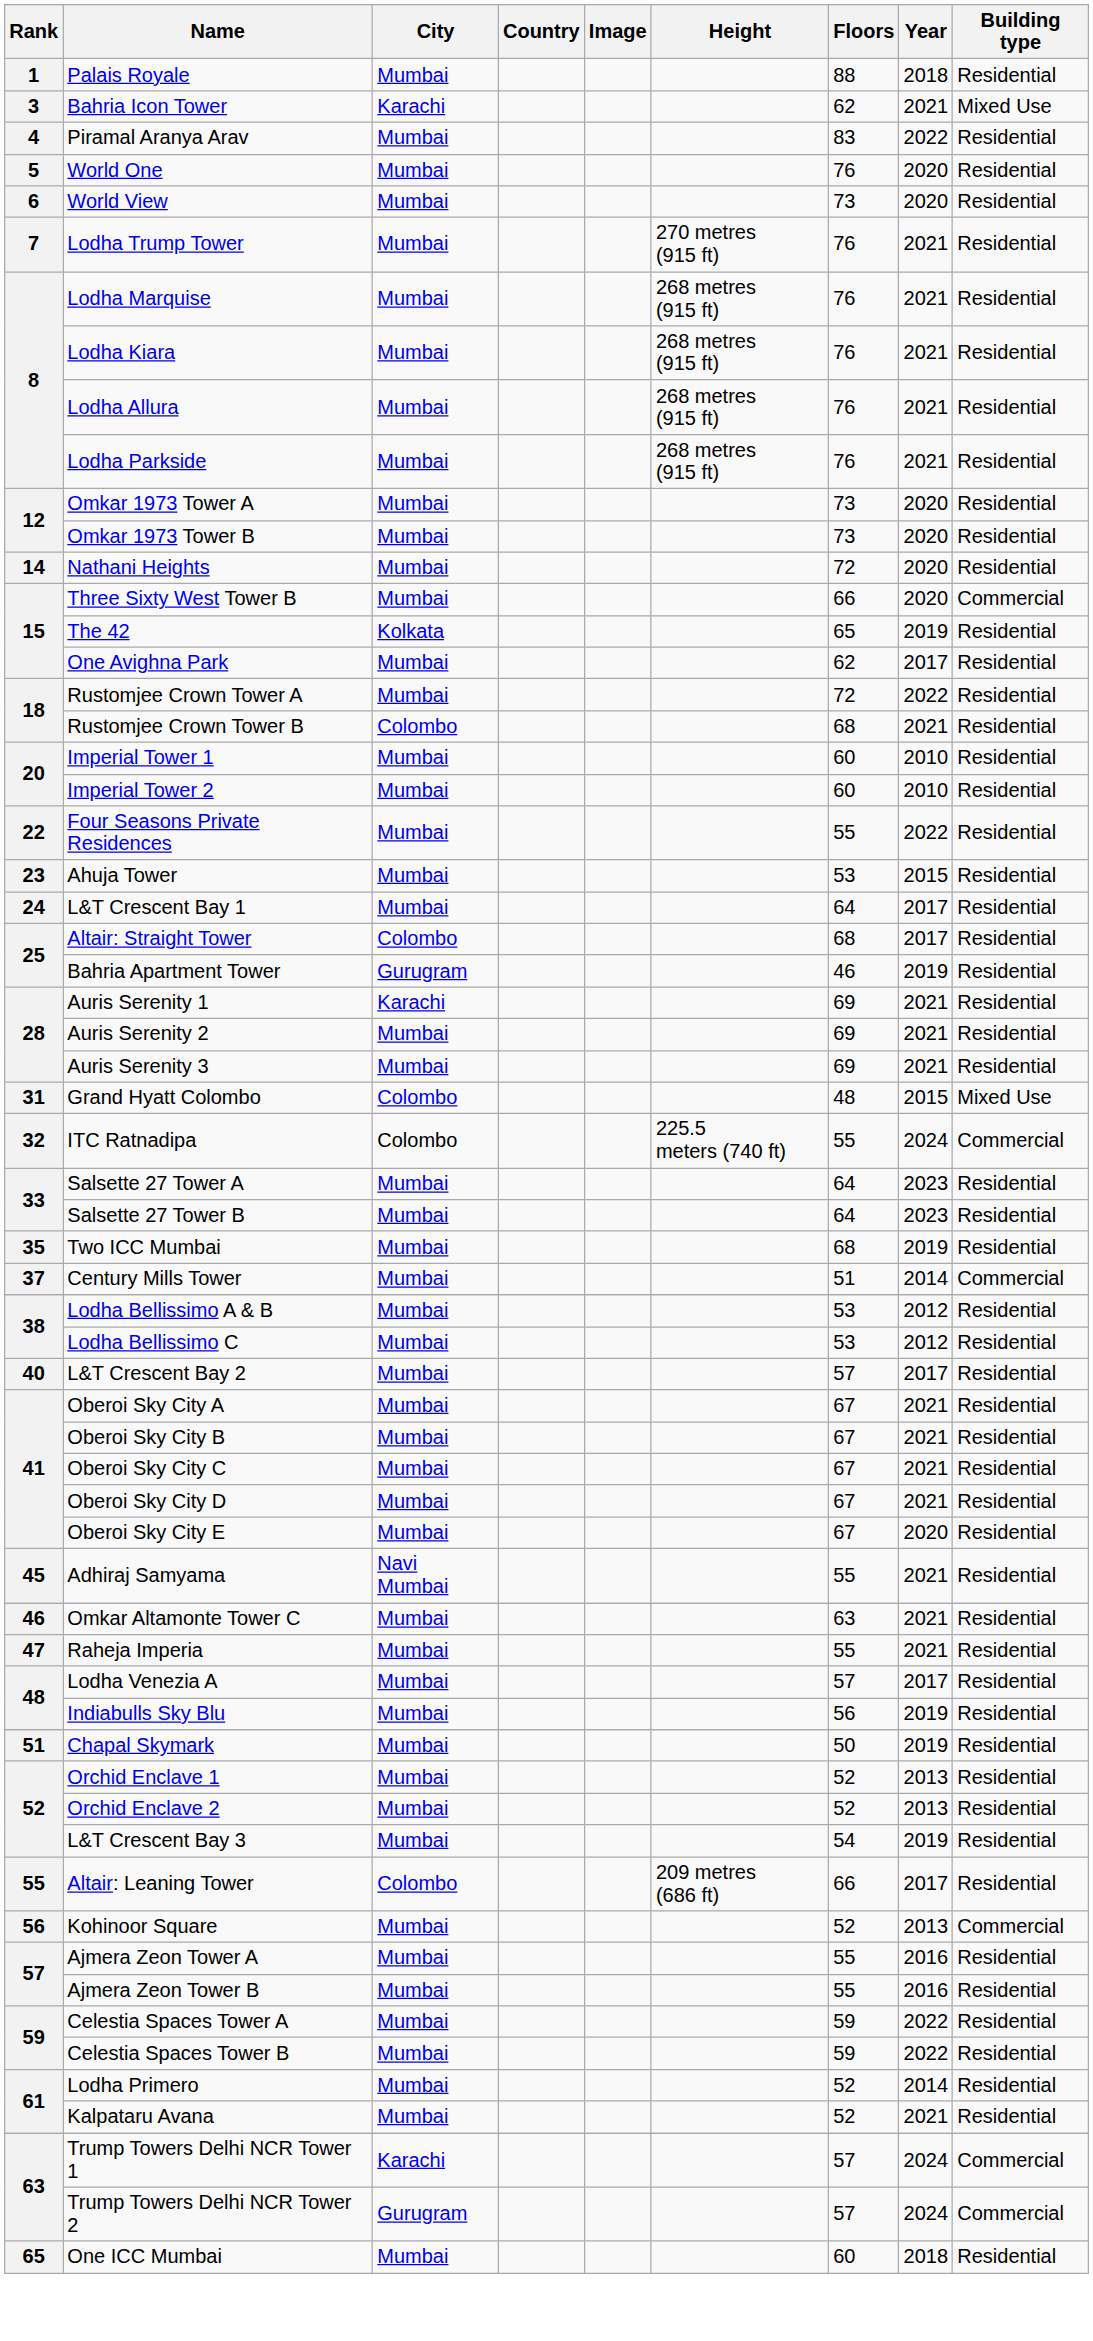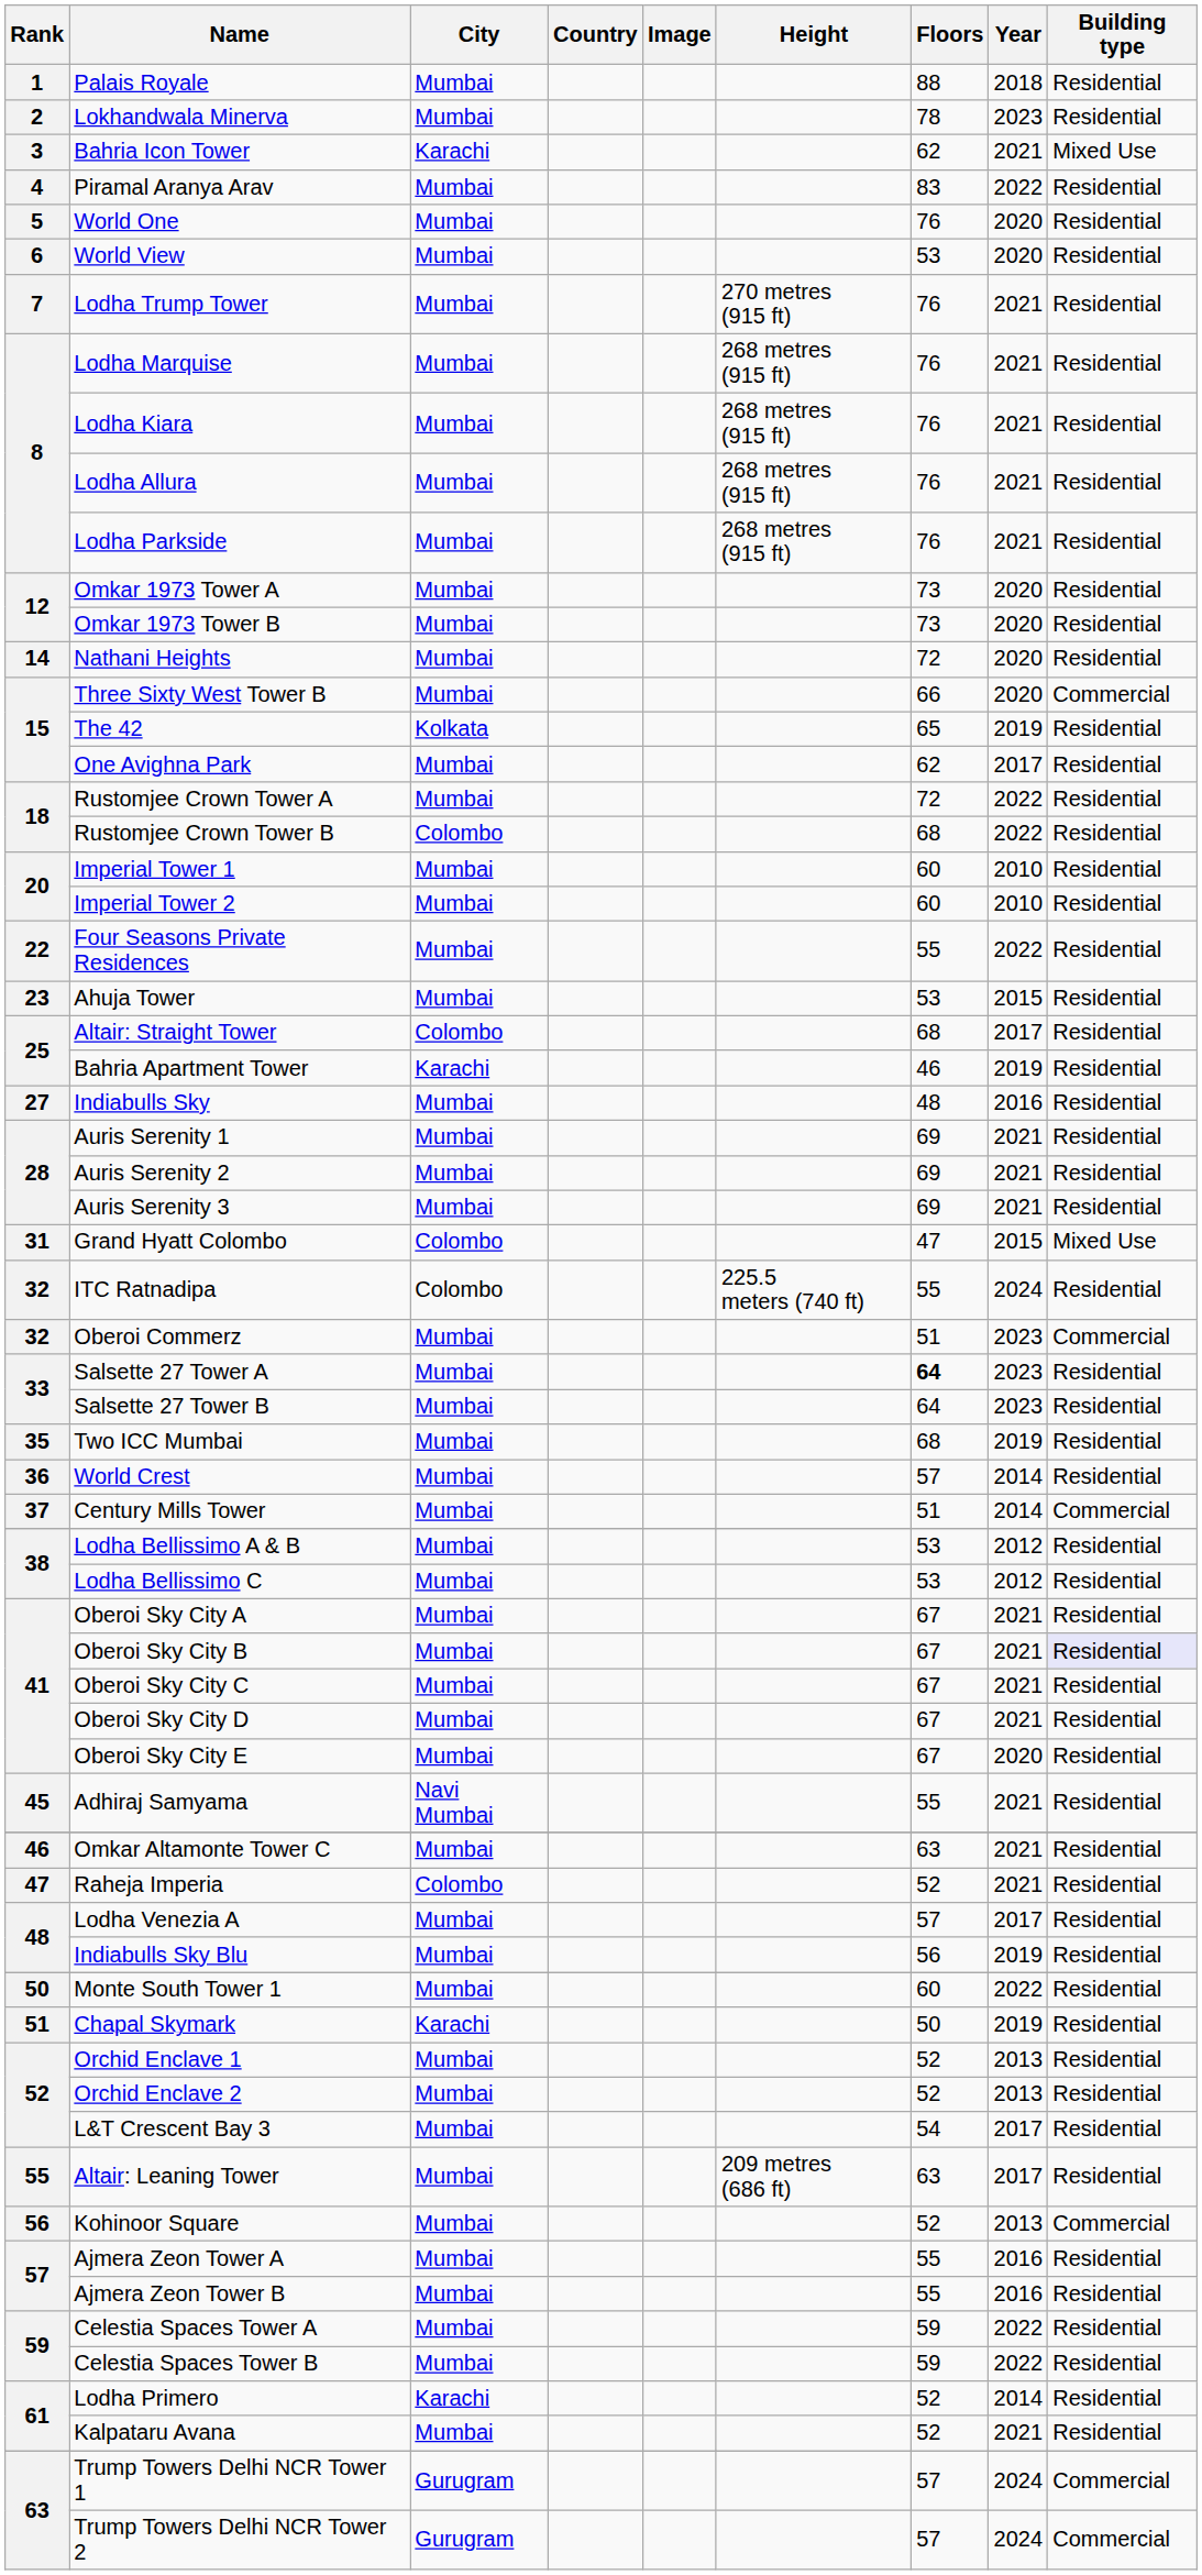 <table class="wikitable sortable">
 <tr style="background:#ececec;">
 <th>Rank</th>
 <th>Name</th>
 <th>City</th>
 <th>Country</th>
 <th>Image</th>
 <th>Height</th>
 <th>Floors</th>
 <th>Year</th>
 <th>Building type</th>
 </tr>
 <tr>
 <th>1</th>
 <td><a href='#'>Palais Royale</a></td>
 <td><a href='#'>Mumbai</a></td>
 <td></td>
 <td></td>
 <td></td>
 <td>88</td>
 <td>2018</td>
+<td><span>Residential</span></td>
+</tr>
+<tr>
+<th>2</th>
+<td><a href='#'>Lokhandwala Minerva</a></td>
+<td><a href='#'>Mumbai</a></td>
+<td></td>
+<td></td>
+<td></td>
+<td>78</td>
+<td>2023</td>
 <td><span>Residential</span></td>
 </tr>
 <tr>
 <th>3</th>
 <td><a href='#'>Bahria Icon Tower</a></td>
 <td><a href='#'>Karachi</a></td>
 <td></td>
 <td></td>
 <td></td>
 <td>62</td>
 <td>2021</td>
 <td><span>Mixed Use</span></td>
 </tr>
 <tr>
 <th>4</th>
 <td>Piramal Aranya Arav</td>
 <td><a href='#'>Mumbai</a></td>
 <td></td>
 <td></td>
 <td></td>
 <td>83</td>
 <td>2022<br></td>
 <td><span>Residential</span></td>
 </tr>
 <tr>
 <th>5</th>
 <td><a href='#'>World One</a></td>
 <td><a href='#'>Mumbai</a></td>
 <td></td>
 <td></td>
 <td><br></td>
 <td>76</td>
 <td>2020<br></td>
 <td><span>Residential</span></td>
 </tr>
 <tr>
 <th>6</th>
 <td><a href='#'>World View</a></td>
 <td><a href='#'>Mumbai</a></td>
 <td></td>
 <td></td>
 <td><br></td>
-<td>73</td>
+<td>53</td>
 <td>2020<br></td>
 <td><span>Residential</span></td>
 </tr>
 <tr>
 <th>7</th>
 <td><a href='#'>Lodha Trump Tower</a></td>
 <td><a href='#'>Mumbai</a></td>
 <td></td>
 <td></td>
 <td>270 metres (915 ft)</td>
 <td>76<br></td>
 <td>2021<br></td>
 <td><span>Residential</span></td>
 </tr>
 <tr>
 <th rowspan="4">8</th>
 <td><a href='#'>Lodha Marquise</a></td>
 <td><a href='#'>Mumbai</a></td>
 <td></td>
 <td></td>
 <td>268 metres (915 ft)</td>
 <td>76<br></td>
 <td>2021<br></td>
 <td><span>Residential</span></td>
 </tr>
 <tr>
 <td><a href='#'>Lodha Kiara</a></td>
 <td><a href='#'>Mumbai</a></td>
 <td></td>
 <td></td>
 <td>268 metres (915 ft)</td>
 <td>76<br></td>
 <td>2021<br></td>
 <td><span>Residential</span></td>
 </tr>
 <tr>
 <td><a href='#'>Lodha Allura</a></td>
 <td><a href='#'>Mumbai</a></td>
 <td></td>
 <td></td>
 <td>268 metres (915 ft)</td>
 <td>76<br></td>
 <td>2021<br></td>
 <td><span>Residential</span></td>
 </tr>
 <tr>
 <td><a href='#'>Lodha Parkside</a></td>
 <td><a href='#'>Mumbai</a></td>
 <td></td>
 <td></td>
 <td>268 metres (915 ft)</td>
 <td>76<br></td>
 <td>2021<br></td>
 <td><span>Residential</span></td>
 </tr>
 <tr>
 <th rowspan="2">12</th>
 <td><a href='#'>Omkar 1973</a> Tower A</td>
 <td><a href='#'>Mumbai</a></td>
 <td></td>
 <td></td>
 <td></td>
 <td>73</td>
 <td>2020</td>
 <td><span>Residential</span></td>
 </tr>
 <tr>
 <td><a href='#'>Omkar 1973</a> Tower B</td>
 <td><a href='#'>Mumbai</a></td>
 <td></td>
 <td></td>
 <td></td>
 <td>73</td>
 <td>2020</td>
 <td><span>Residential</span></td>
 </tr>
 <tr>
 <th>14</th>
 <td><a href='#'>Nathani Heights</a></td>
 <td><a href='#'>Mumbai</a></td>
 <td></td>
 <td></td>
 <td><br></td>
 <td>72<br></td>
 <td>2020</td>
 <td><span>Residential</span></td>
 </tr>
 <tr>
 <th rowspan="3">15</th>
 <td><a href='#'>Three Sixty West</a> Tower B</td>
 <td><a href='#'>Mumbai</a></td>
 <td></td>
 <td></td>
 <td></td>
 <td>66</td>
 <td>2020</td>
 <td><span>Commercial</span></td>
 </tr>
 <tr>
 <td><a href='#'>The 42</a></td>
 <td><a href='#'>Kolkata</a></td>
 <td></td>
 <td></td>
 <td><br></td>
 <td>65</td>
 <td>2019</td>
 <td><span>Residential</span></td>
 </tr>
 <tr>
 <td><a href='#'>One Avighna Park</a></td>
 <td><a href='#'>Mumbai</a></td>
 <td></td>
 <td></td>
 <td></td>
 <td>62</td>
 <td>2017</td>
 <td><span>Residential</span></td>
 </tr>
 <tr>
 <th rowspan="2">18</th>
 <td>Rustomjee Crown Tower A</td>
 <td><a href='#'>Mumbai</a></td>
 <td></td>
 <td></td>
 <td></td>
 <td>72</td>
 <td>2022</td>
 <td><span>Residential</span></td>
 </tr>
 <tr>
 <td>Rustomjee Crown Tower B</td>
 <td><a href='#'>Colombo</a></td>
 <td></td>
 <td></td>
 <td></td>
 <td>68</td>
-<td>2021</td>
+<td>2022</td>
 <td><span>Residential</span></td>
 </tr>
 <tr>
 <th rowspan="2">20</th>
 <td><a href='#'>Imperial Tower 1</a></td>
 <td><a href='#'>Mumbai</a></td>
 <td></td>
 <td></td>
 <td></td>
 <td>60</td>
 <td>2010</td>
 <td><span>Residential</span></td>
 </tr>
 <tr>
 <td><a href='#'>Imperial Tower 2</a></td>
 <td><a href='#'>Mumbai</a></td>
 <td></td>
 <td></td>
 <td></td>
 <td>60</td>
 <td>2010</td>
 <td><span>Residential</span></td>
 </tr>
 <tr>
 <th>22</th>
 <td><a href='#'>Four Seasons Private Residences</a></td>
 <td><a href='#'>Mumbai</a></td>
 <td></td>
 <td></td>
 <td></td>
 <td>55</td>
 <td>2022</td>
 <td><span>Residential</span></td>
 </tr>
 <tr>
 <th>23</th>
 <td>Ahuja Tower</td>
 <td><a href='#'>Mumbai</a></td>
 <td></td>
 <td></td>
 <td></td>
 <td>53</td>
 <td>2015</td>
 <td><span>Residential</span></td>
 </tr>
 <tr>
-<th>24</th>
-<td>L&T Crescent Bay 1</td>
-<td><a href='#'>Mumbai</a></td>
-<td></td>
-<td></td>
-<td></td>
-<td>64<br></td>
-<td>2017</td>
-<td><span>Residential</span></td>
-</tr>
-<tr>
 <th rowspan="2">25</th>
 <td><a href='#'>Altair: Straight Tower</a></td>
 <td><a href='#'>Colombo</a></td>
 <td></td>
 <td></td>
 <td></td>
 <td>68</td>
 <td>2017</td>
 <td><span>Residential</span></td>
 </tr>
 <tr>
 <td>Bahria Apartment Tower</td>
-<td><a href='#'>Gurugram</a></td>
+<td><a href='#'>Karachi</a></td>
 <td></td>
 <td></td>
 <td></td>
 <td>46</td>
 <td>2019</td>
 <td><span>Residential</span></td>
 </tr>
 <tr>
+<th>27</th>
+<td><a href='#'>Indiabulls Sky</a></td>
+<td><a href='#'>Mumbai</a></td>
+<td></td>
+<td></td>
+<td></td>
+<td>48</td>
+<td>2016</td>
+<td><span>Residential</span></td>
+</tr>
+<tr>
 <th rowspan="3">28</th>
 <td>Auris Serenity 1</td>
-<td><a href='#'>Karachi</a></td>
+<td><a href='#'>Mumbai</a></td>
 <td></td>
 <td></td>
 <td></td>
 <td>69</td>
 <td>2021</td>
 <td><span>Residential</span></td>
 </tr>
 <tr>
 <td>Auris Serenity 2</td>
 <td><a href='#'>Mumbai</a></td>
 <td></td>
 <td></td>
 <td></td>
 <td>69</td>
 <td>2021</td>
 <td><span>Residential</span></td>
 </tr>
 <tr>
 <td>Auris Serenity 3</td>
 <td><a href='#'>Mumbai</a></td>
 <td></td>
 <td></td>
 <td></td>
 <td>69</td>
 <td>2021</td>
 <td><span>Residential</span></td>
 </tr>
 <tr>
 <th>31</th>
 <td>Grand Hyatt Colombo</td>
 <td><a href='#'>Colombo</a></td>
 <td></td>
 <td></td>
 <td></td>
-<td>48</td>
+<td>47</td>
 <td>2015</td>
 <td><span>Mixed Use</span></td>
 </tr>
 <tr>
 <th>32</th>
 <td>ITC Ratnadipa</td>
 <td>Colombo</td>
 <td></td>
 <td></td>
 <td>225.5<br>meters (740 ft)</td>
 <td>55</td>
 <td>2024</td>
+<td>Residential</td>
+</tr>
+<tr>
+<th>32</th>
+<td>Oberoi Commerz</td>
+<td><a href='#'>Mumbai</a></td>
+<td></td>
+<td></td>
+<td></td>
+<td>51</td>
+<td>2023</td>
 <td><span>Commercial</span></td>
 </tr>
 <tr>
 <th rowspan="2">33</th>
 <td>Salsette 27 Tower A</td>
 <td><a href='#'>Mumbai</a></td>
 <td></td>
 <td></td>
 <td></td>
-<td>64</td>
+<td><strong>64</strong></td>
 <td>2023</td>
 <td><span>Residential</span></td>
 </tr>
 <tr>
 <td>Salsette 27 Tower B</td>
 <td><a href='#'>Mumbai</a></td>
 <td></td>
 <td></td>
 <td></td>
 <td>64</td>
 <td>2023</td>
 <td><span>Residential</span></td>
 </tr>
 <tr>
 <th>35</th>
 <td>Two ICC Mumbai</td>
 <td><a href='#'>Mumbai</a></td>
 <td></td>
 <td></td>
 <td></td>
 <td>68</td>
 <td>2019</td>
+<td><span>Residential</span></td>
+</tr>
+<tr>
+<th>36</th>
+<td><a href='#'>World Crest</a></td>
+<td><a href='#'>Mumbai</a></td>
+<td></td>
+<td></td>
+<td></td>
+<td>57</td>
+<td>2014</td>
 <td><span>Residential</span></td>
 </tr>
 <tr>
 <th>37</th>
 <td>Century Mills Tower</td>
 <td><a href='#'>Mumbai</a></td>
 <td></td>
 <td></td>
 <td></td>
 <td>51</td>
 <td>2014</td>
 <td><span>Commercial</span></td>
 </tr>
 <tr>
 </tr>
 <tr>
 <th rowspan="2">38</th>
 <td><a href='#'>Lodha Bellissimo</a> A & B</td>
 <td><a href='#'>Mumbai</a></td>
 <td></td>
 <td></td>
 <td></td>
 <td>53</td>
 <td>2012</td>
 <td><span>Residential</span></td>
 </tr>
 <tr>
 <td><a href='#'>Lodha Bellissimo</a> C</td>
 <td><a href='#'>Mumbai</a></td>
 <td></td>
 <td></td>
 <td></td>
 <td>53</td>
 <td>2012</td>
 <td><span>Residential</span></td>
 </tr>
 <tr>
-<th>40</th>
-<td>L&T Crescent Bay 2</td>
-<td><a href='#'>Mumbai</a></td>
-<td></td>
-<td></td>
-<td></td>
-<td>57</td>
-<td>2017</td>
-<td><span>Residential</span></td>
-</tr>
-<tr>
 <th rowspan="5">41</th>
 <td>Oberoi Sky City A</td>
 <td><a href='#'>Mumbai</a></td>
 <td></td>
 <td></td>
 <td></td>
 <td>67</td>
 <td>2021</td>
 <td><span>Residential</span></td>
 </tr>
 <tr>
 <td>Oberoi Sky City B</td>
 <td><a href='#'>Mumbai</a></td>
 <td></td>
 <td></td>
 <td></td>
 <td>67</td>
 <td>2021</td>
-<td><span>Residential</span></td>
+<td style="background: lavender;"><span>Residential</span></td>
 </tr>
 <tr>
 <td>Oberoi Sky City C</td>
 <td><a href='#'>Mumbai</a></td>
 <td></td>
 <td></td>
 <td></td>
 <td>67</td>
 <td>2021</td>
 <td><span>Residential</span></td>
 </tr>
 <tr>
 <td>Oberoi Sky City D</td>
 <td><a href='#'>Mumbai</a></td>
 <td></td>
 <td></td>
 <td></td>
 <td>67</td>
 <td>2021</td>
 <td><span>Residential</span></td>
 </tr>
 <tr>
 <td>Oberoi Sky City E</td>
 <td><a href='#'>Mumbai</a></td>
 <td></td>
 <td></td>
 <td></td>
 <td>67</td>
 <td>2020</td>
 <td><span>Residential</span></td>
 </tr>
 <tr>
 <th>45</th>
 <td>Adhiraj Samyama</td>
 <td><a href='#'>Navi Mumbai</a></td>
 <td></td>
 <td></td>
 <td></td>
 <td>55</td>
 <td>2021</td>
 <td><span>Residential</span></td>
 </tr>
 <tr>
 </tr>
 <tr>
 <th>46</th>
 <td>Omkar Altamonte Tower C</td>
 <td><a href='#'>Mumbai</a></td>
 <td></td>
 <td></td>
 <td></td>
 <td>63</td>
 <td>2021</td>
 <td><span>Residential</span></td>
 </tr>
 <tr>
 <th>47</th>
 <td>Raheja Imperia</td>
-<td><a href='#'>Mumbai</a></td>
+<td><a href='#'>Colombo</a></td>
 <td></td>
 <td></td>
 <td></td>
-<td>55</td>
+<td>52</td>
 <td>2021</td>
 <td><span>Residential</span></td>
 </tr>
 <tr>
 <th rowspan="2">48</th>
 <td>Lodha Venezia A</td>
 <td><a href='#'>Mumbai</a></td>
 <td></td>
 <td></td>
 <td></td>
 <td>57</td>
 <td>2017</td>
 <td><span>Residential</span></td>
 </tr>
 <tr>
 <td><a href='#'>Indiabulls Sky Blu</a></td>
 <td><a href='#'>Mumbai</a></td>
 <td></td>
 <td></td>
 <td></td>
 <td>56</td>
 <td>2019</td>
 <td><span>Residential</span></td>
 </tr>
 <tr>
 </tr>
 <tr>
+<th>50</th>
+<td>Monte South Tower 1</td>
+<td><a href='#'>Mumbai</a></td>
+<td></td>
+<td></td>
+<td></td>
+<td>60</td>
+<td>2022</td>
+<td><span>Residential</span></td>
+</tr>
+<tr>
 <th>51</th>
 <td><a href='#'>Chapal Skymark</a></td>
-<td><a href='#'>Mumbai</a></td>
+<td><a href='#'>Karachi</a></td>
 <td></td>
 <td></td>
 <td></td>
 <td>50</td>
 <td>2019</td>
 <td><span>Residential </span></td>
 </tr>
 <tr>
 <th rowspan="3">52</th>
 <td><a href='#'>Orchid Enclave 1</a></td>
 <td><a href='#'>Mumbai</a></td>
 <td></td>
 <td></td>
 <td></td>
 <td>52</td>
 <td>2013</td>
 <td><span>Residential</span></td>
 </tr>
 <tr>
 <td><a href='#'>Orchid Enclave 2</a></td>
 <td><a href='#'>Mumbai</a></td>
 <td></td>
 <td></td>
 <td></td>
 <td>52</td>
 <td>2013</td>
 <td><span>Residential</span></td>
 </tr>
 <tr>
 <td>L&T Crescent Bay 3</td>
 <td><a href='#'>Mumbai</a></td>
 <td></td>
 <td></td>
 <td></td>
 <td>54</td>
-<td>2019</td>
+<td>2017</td>
 <td><span>Residential</span></td>
 </tr>
 <tr>
 <th>55</th>
 <td><a href='#'>Altair</a>: Leaning Tower</td>
-<td><a href='#'>Colombo</a></td>
+<td><a href='#'>Mumbai</a></td>
 <td></td>
 <td></td>
 <td>209 metres (686 ft)</td>
-<td>66</td>
+<td>63</td>
 <td>2017</td>
 <td><span>Residential</span></td>
 </tr>
 <tr>
 <th>56</th>
 <td>Kohinoor Square</td>
 <td><a href='#'>Mumbai</a></td>
 <td></td>
 <td></td>
 <td></td>
 <td>52</td>
 <td>2013</td>
 <td><span>Commercial</span></td>
 </tr>
 <tr>
 <th rowspan="2">57</th>
 <td>Ajmera Zeon Tower A</td>
 <td><a href='#'>Mumbai</a></td>
 <td></td>
 <td></td>
 <td></td>
 <td>55</td>
 <td>2016</td>
 <td><span>Residential</span></td>
 </tr>
 <tr>
 <td>Ajmera Zeon Tower B</td>
 <td><a href='#'>Mumbai</a></td>
 <td></td>
 <td></td>
 <td></td>
 <td>55</td>
 <td>2016</td>
 <td><span>Residential</span></td>
 </tr>
 <tr>
 <th rowspan="2">59</th>
 <td>Celestia Spaces Tower A</td>
 <td><a href='#'>Mumbai</a></td>
 <td></td>
 <td></td>
 <td></td>
 <td>59</td>
 <td>2022</td>
 <td><span>Residential</span></td>
 </tr>
 <tr>
 <td>Celestia Spaces Tower B</td>
 <td><a href='#'>Mumbai</a></td>
 <td></td>
 <td></td>
 <td></td>
 <td>59</td>
 <td>2022</td>
 <td><span>Residential</span></td>
 </tr>
 <tr>
 <th rowspan="2">61</th>
 <td>Lodha Primero</td>
-<td><a href='#'>Mumbai</a></td>
+<td><a href='#'>Karachi</a></td>
 <td></td>
 <td></td>
 <td></td>
 <td>52</td>
 <td>2014</td>
 <td><span>Residential</span></td>
 </tr>
 <tr>
 <td>Kalpataru Avana</td>
 <td><a href='#'>Mumbai</a></td>
 <td></td>
 <td></td>
 <td></td>
 <td>52</td>
 <td>2021</td>
 <td><span>Residential</span></td>
 </tr>
 <tr>
 </tr>
 <tr>
 <th rowspan="2">63</th>
 <td>Trump Towers Delhi NCR Tower 1</td>
-<td><a href='#'>Karachi</a></td>
+<td><a href='#'>Gurugram</a></td>
 <td></td>
 <td></td>
 <td></td>
 <td>57</td>
 <td>2024</td>
 <td><span>Commercial</span></td>
 </tr>
 <tr>
 <td>Trump Towers Delhi NCR Tower 2</td>
 <td><a href='#'>Gurugram</a></td>
 <td></td>
 <td></td>
 <td></td>
 <td>57</td>
 <td>2024</td>
 <td><span>Commercial</span></td>
 </tr>
-<tr>
-<th>65</th>
-<td>One ICC Mumbai</td>
-<td><a href='#'>Mumbai</a></td>
-<td></td>
-<td></td>
-<td></td>
-<td>60</td>
-<td>2018</td>
-<td><span>Residential</span></td>
-</tr>
 </table>
